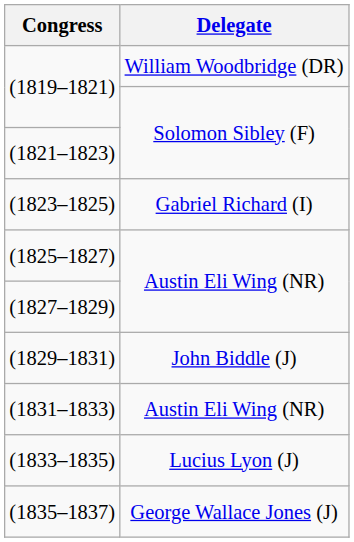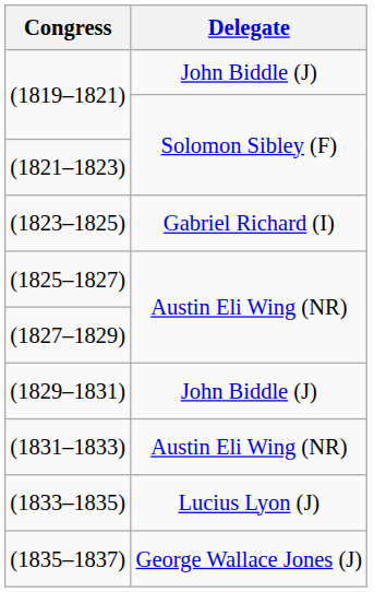 <table class=wikitable style="text-align:center">
 <tr style="height:2em">
 <th>Congress</th>
 <th><a href='#'>Delegate</a></th>
 </tr>
 <tr style="height:2em">
 <td rowspan=2><strong></strong> (1819–1821)</td>
-<td><a href='#'>William Woodbridge</a> (DR)</td>
+<td><a href='#'>John Biddle</a> (J)</td>
 </tr>
 <tr style="height:2em">
 <td rowspan=2 ><a href='#'>Solomon Sibley</a> (F)</td>
 </tr>
 <tr style="height:2.5em">
 <td><strong></strong> (1821–1823)</td>
 </tr>
 <tr style="height:2.5em">
 <td><strong></strong> (1823–1825)</td>
 <td><a href='#'>Gabriel Richard</a> (I)</td>
 </tr>
 <tr style="height:2.5em">
 <td><strong></strong> (1825–1827)</td>
 <td rowspan=2 ><a href='#'>Austin Eli Wing</a> (NR)</td>
 </tr>
 <tr style="height:2.5em">
 <td><strong></strong> (1827–1829)</td>
 </tr>
 <tr style="height:2.5em">
 <td><strong></strong> (1829–1831)</td>
 <td><a href='#'>John Biddle</a> (J)</td>
 </tr>
 <tr style="height:2.5em">
 <td><strong></strong> (1831–1833)</td>
 <td><a href='#'>Austin Eli Wing</a> (NR)</td>
 </tr>
 <tr style="height:2.5em">
 <td><strong></strong> (1833–1835)</td>
 <td><a href='#'>Lucius Lyon</a> (J)</td>
 </tr>
 <tr style="height:2.5em">
 <td><strong></strong> (1835–1837)</td>
 <td><a href='#'>George Wallace Jones</a> (J)</td>
 </tr>
 </table>
